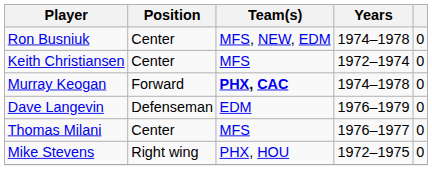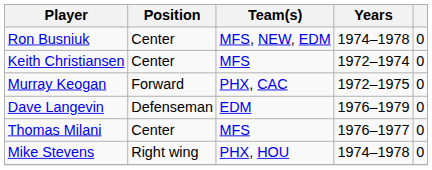 <table class="wikitable">
 <tr>
 <th>Player</th>
 <th>Position</th>
 <th>Team(s)</th>
 <th>Years</th>
 <th><a href='#'></a></th>
 </tr>
 <tr>
 <td><a href='#'>Ron Busniuk</a></td>
 <td>Center</td>
 <td><a href='#'>MFS</a>, <a href='#'>NEW</a>, <a href='#'>EDM</a></td>
 <td>1974–1978</td>
 <td>0</td>
 </tr>
 <tr>
 <td><a href='#'>Keith Christiansen</a></td>
 <td>Center</td>
 <td><a href='#'>MFS</a></td>
 <td>1972–1974</td>
 <td>0</td>
 </tr>
 <tr>
 <td><a href='#'>Murray Keogan</a></td>
 <td>Forward</td>
-<td><strong><a href='#'>PHX</a>, <a href='#'>CAC</a></strong></td>
-<td>1974–1978</td>
+<td><a href='#'>PHX</a>, <a href='#'>CAC</a></td>
+<td>1972–1975</td>
 <td>0</td>
 </tr>
 <tr>
 <td><a href='#'>Dave Langevin</a></td>
 <td>Defenseman</td>
 <td><a href='#'>EDM</a></td>
 <td>1976–1979</td>
 <td>0</td>
 </tr>
 <tr>
 <td><a href='#'>Thomas Milani</a></td>
 <td>Center</td>
 <td><a href='#'>MFS</a></td>
 <td>1976–1977</td>
 <td>0</td>
 </tr>
 <tr>
 <td><a href='#'>Mike Stevens</a></td>
 <td>Right wing</td>
 <td><a href='#'>PHX</a>, <a href='#'>HOU</a></td>
-<td>1972–1975</td>
+<td>1974–1978</td>
 <td>0</td>
 </tr>
 <tr>
 </tr>
 </table>
